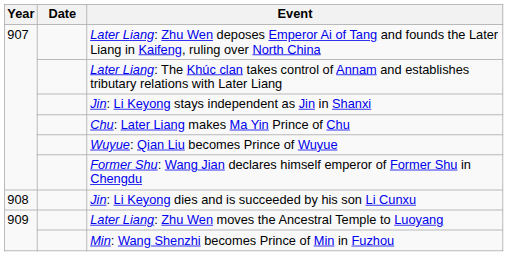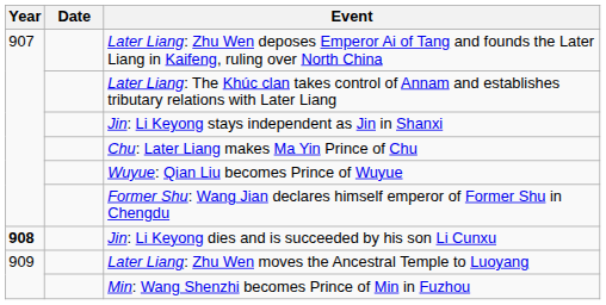 <table class="wikitable" width="100%">
 <tr>
 <th style="width:6%">Year</th>
 <th style="width:10%">Date</th>
 <th>Event</th>
 </tr>
 <tr>
 <td rowspan="6" valign="top">907</td>
 <td></td>
 <td><em><a href='#'>Later Liang</a></em>: <a href='#'>Zhu Wen</a> deposes <a href='#'>Emperor Ai of Tang</a> and founds the Later Liang in <a href='#'>Kaifeng</a>, ruling over <a href='#'>North China</a></td>
 </tr>
 <tr>
 <td></td>
 <td><em><a href='#'>Later Liang</a></em>: The <a href='#'>Khúc clan</a> takes control of <a href='#'>Annam</a> and establishes tributary relations with Later Liang</td>
 </tr>
 <tr>
 <td></td>
 <td><em><a href='#'>Jin</a></em>: <a href='#'>Li Keyong</a> stays independent as <a href='#'>Jin</a> in <a href='#'>Shanxi</a></td>
 </tr>
 <tr>
 <td></td>
 <td><em><a href='#'>Chu</a></em>: <a href='#'>Later Liang</a> makes <a href='#'>Ma Yin</a> Prince of <a href='#'>Chu</a></td>
 </tr>
 <tr>
 <td></td>
 <td><em><a href='#'>Wuyue</a></em>: <a href='#'>Qian Liu</a> becomes Prince of <a href='#'>Wuyue</a></td>
 </tr>
 <tr>
 <td></td>
 <td><em><a href='#'>Former Shu</a></em>: <a href='#'>Wang Jian</a> declares himself emperor of <a href='#'>Former Shu</a> in <a href='#'>Chengdu</a></td>
 </tr>
 <tr>
-<td>908</td>
+<td><strong>908</strong></td>
 <td></td>
 <td><em><a href='#'>Jin</a></em>: <a href='#'>Li Keyong</a> dies and is succeeded by his son <a href='#'>Li Cunxu</a></td>
 </tr>
 <tr>
 <td rowspan="2" valign="top">909</td>
 <td></td>
 <td><em><a href='#'>Later Liang</a></em>: <a href='#'>Zhu Wen</a> moves the Ancestral Temple to <a href='#'>Luoyang</a></td>
 </tr>
 <tr>
 <td></td>
 <td><em><a href='#'>Min</a></em>: <a href='#'>Wang Shenzhi</a> becomes Prince of <a href='#'>Min</a> in <a href='#'>Fuzhou</a></td>
 </tr>
 </table>
